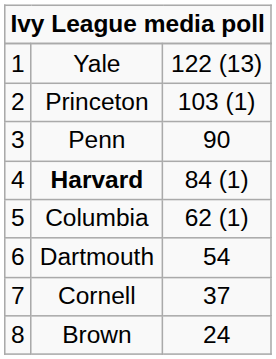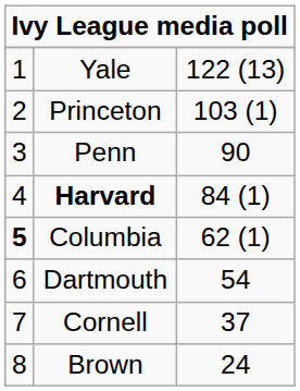 <table class="wikitable" style="display: inline-table;">
 <tr>
 <td align="center" Colspan="3"><strong>Ivy League media poll</strong></td>
 </tr>
 <tr align="center">
 </tr>
 <tr align="center">
 <td>1</td>
 <td>Yale</td>
 <td>122 (13)</td>
 </tr>
 <tr align="center">
 <td>2</td>
 <td>Princeton</td>
 <td>103 (1)</td>
 </tr>
 <tr align="center">
 <td>3</td>
 <td>Penn</td>
 <td>90</td>
 </tr>
 <tr align="center">
 <td>4</td>
 <td><strong>Harvard</strong></td>
 <td>84 (1)</td>
 </tr>
 <tr align="center">
-<td>5</td>
+<td><strong>5</strong></td>
 <td>Columbia</td>
 <td>62 (1)</td>
 </tr>
 <tr align="center">
 <td>6</td>
 <td>Dartmouth</td>
 <td>54</td>
 </tr>
 <tr align="center">
 <td>7</td>
 <td>Cornell</td>
 <td>37</td>
 </tr>
 <tr align="center">
 <td>8</td>
 <td>Brown</td>
 <td>24</td>
 </tr>
 </table>
